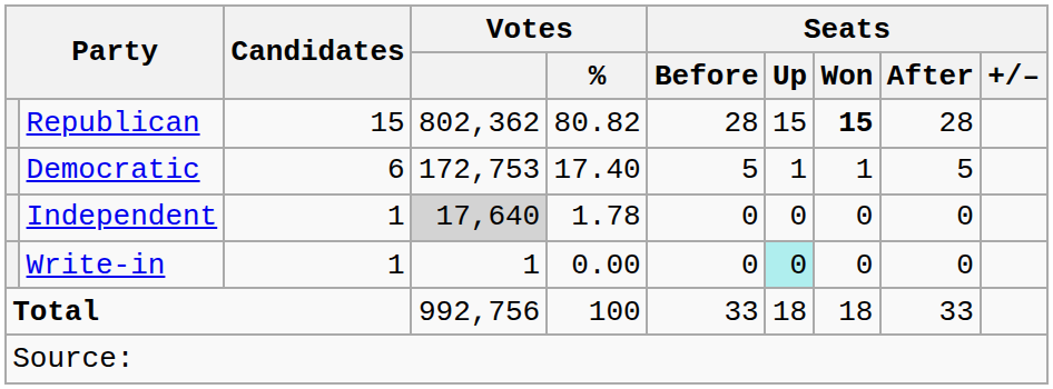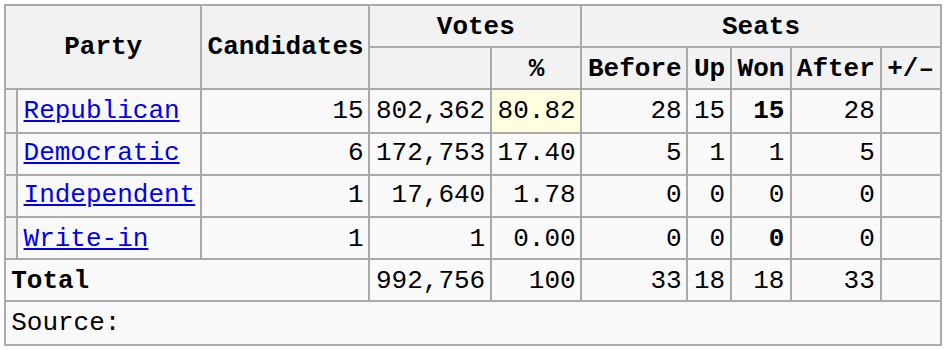 <table class="wikitable">
 <tr>
 <th colspan="2" rowspan="2">Party</th>
 <th rowspan="2">Candidates</th>
 <th colspan="2">Votes</th>
 <th colspan="5">Seats</th>
 </tr>
 <tr>
 <th></th>
 <th>%</th>
 <th>Before</th>
 <th>Up</th>
 <th>Won</th>
 <th>After</th>
 <th>+/–</th>
 </tr>
 <tr>
 <th style="background-color:"></th>
 <td><a href='#'>Republican</a></td>
 <td align="right">15</td>
 <td align="right">802,362</td>
-<td align="right">80.82</td>
+<td align="right" style="background: lightyellow;">80.82</td>
 <td align="right">28</td>
 <td align="right">15</td>
 <td align="right"><strong>15</strong></td>
 <td align="right">28</td>
 <td align="right"></td>
 </tr>
 <tr>
 <th style="background-color:"></th>
 <td><a href='#'>Democratic</a></td>
 <td align="right">6</td>
 <td align="right">172,753</td>
 <td align="right">17.40</td>
 <td align="right">5</td>
 <td align="right">1</td>
 <td align="right">1</td>
 <td align="right">5</td>
 <td align="right"></td>
 </tr>
 <tr>
 <th style="background-color:"></th>
 <td><a href='#'>Independent</a></td>
 <td align="right">1</td>
-<td align="right" style="background: lightgrey;">17,640</td>
+<td align="right">17,640</td>
 <td align="right">1.78</td>
 <td align="right">0</td>
 <td align="right">0</td>
 <td align="right">0</td>
 <td align="right">0</td>
 <td align="right"></td>
 </tr>
 <tr>
 <th style="background-color:"></th>
 <td><a href='#'>Write-in</a></td>
 <td align="right">1</td>
 <td align="right">1</td>
 <td align="right">0.00</td>
 <td align="right">0</td>
-<td align="right" style="background: paleturquoise;">0</td>
 <td align="right">0</td>
+<td align="right"><strong>0</strong></td>
 <td align="right">0</td>
 <td align="right"></td>
 </tr>
 <tr>
 <td colspan="3" align="left"><strong>Total</strong></td>
 <td align="right">992,756</td>
 <td align="right">100</td>
 <td align="right">33</td>
 <td align="right">18</td>
 <td align="right">18</td>
 <td align="right">33</td>
 <td align="right"></td>
 </tr>
 <tr>
 <td colspan="10">Source: </td>
 </tr>
 </table>
